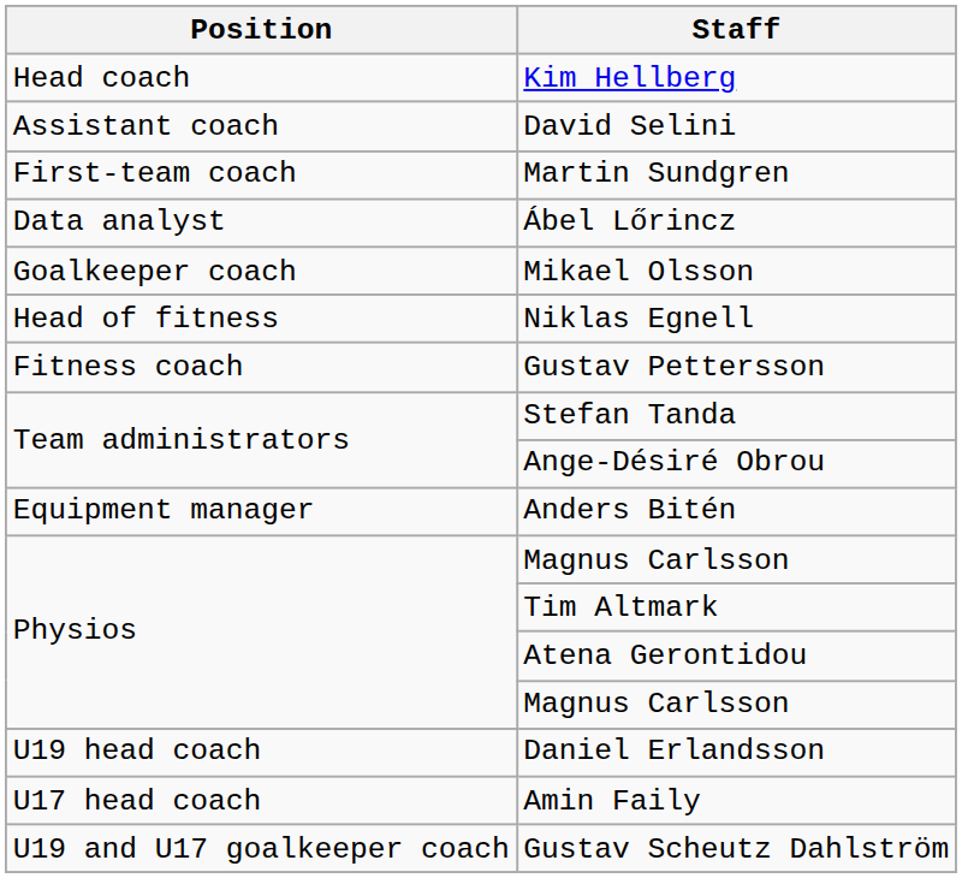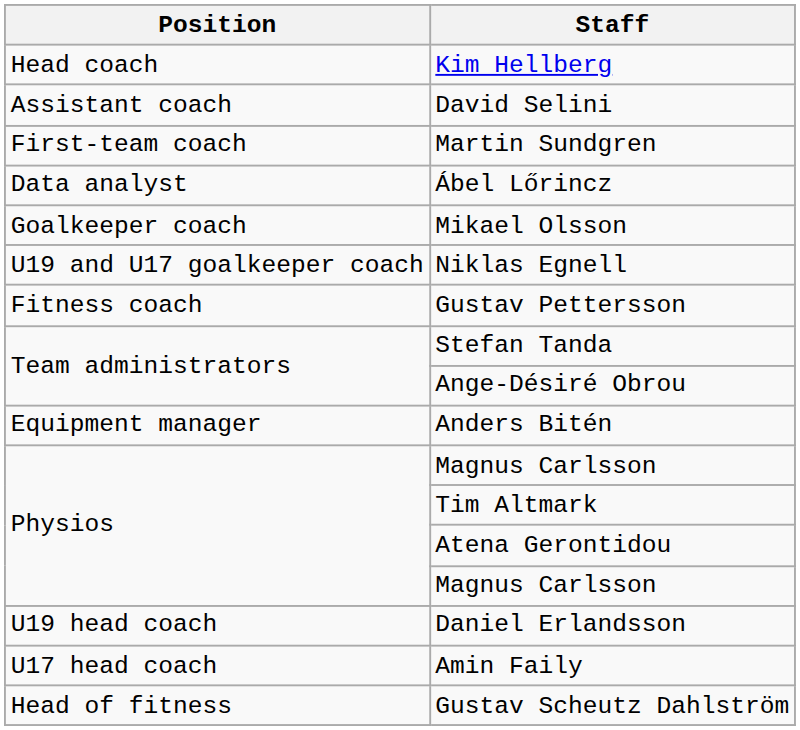 <table class="wikitable">
 <tr>
 <th>Position</th>
 <th>Staff</th>
 </tr>
 <tr>
 <td>Head coach</td>
 <td> <a href='#'>Kim Hellberg</a></td>
 </tr>
 <tr>
 <td>Assistant coach</td>
 <td> David Selini</td>
 </tr>
 <tr>
 <td>First-team coach</td>
 <td> Martin Sundgren</td>
 </tr>
 <tr>
 <td>Data analyst</td>
 <td> Ábel Lőrincz</td>
 </tr>
 <tr>
 <td>Goalkeeper coach</td>
 <td> Mikael Olsson</td>
 </tr>
 <tr>
-<td>Head of fitness</td>
+<td>U19 and U17 goalkeeper coach</td>
 <td> Niklas Egnell</td>
 </tr>
 <tr>
 <td>Fitness coach</td>
 <td> Gustav Pettersson</td>
 </tr>
 <tr>
 <td rowspan="2">Team administrators</td>
 <td> Stefan Tanda</td>
 </tr>
 <tr>
 <td> Ange-Désiré Obrou</td>
 </tr>
 <tr>
 <td>Equipment manager</td>
 <td> Anders Bitén</td>
 </tr>
 <tr>
 <td rowspan="4">Physios</td>
 <td> Magnus Carlsson</td>
 </tr>
 <tr>
 <td> Tim Altmark</td>
 </tr>
 <tr>
 <td> Atena Gerontidou</td>
 </tr>
 <tr>
 <td> Magnus Carlsson</td>
 </tr>
 <tr>
 <td>U19 head coach</td>
 <td> Daniel Erlandsson</td>
 </tr>
 <tr>
 <td>U17 head coach</td>
 <td> Amin Faily</td>
 </tr>
 <tr>
-<td>U19 and U17 goalkeeper coach</td>
+<td>Head of fitness</td>
 <td> Gustav Scheutz Dahlström</td>
 </tr>
 </table>
